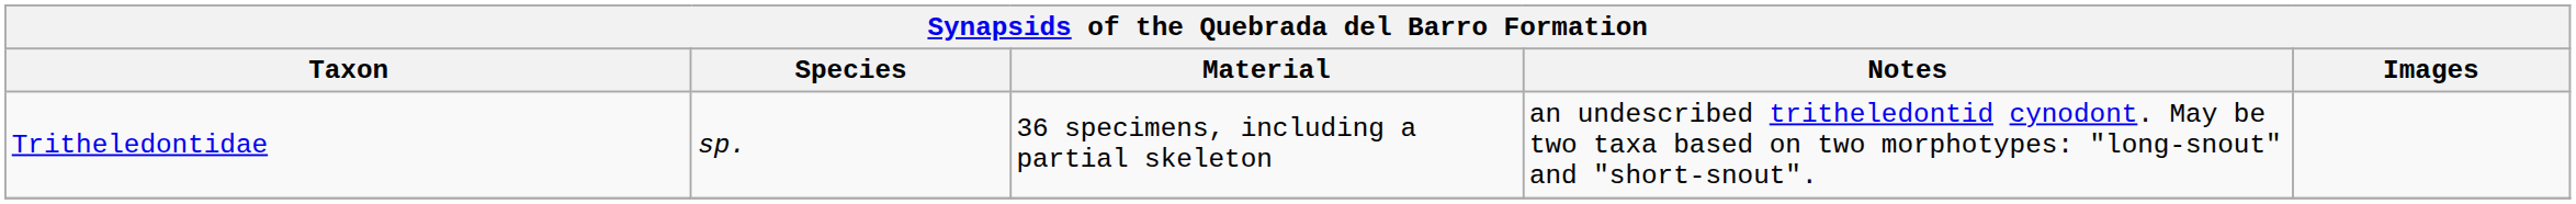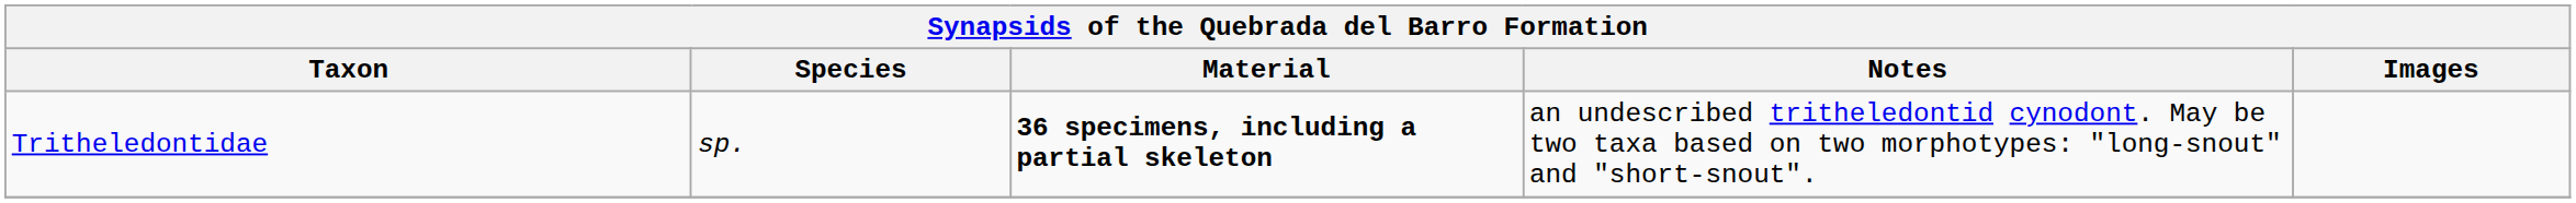 <table class="wikitable" align="center">
 <tr>
 <th colspan="7" align="center"><strong><a href='#'>Synapsids</a> of the Quebrada del Barro Formation</strong></th>
 </tr>
 <tr>
 <th>Taxon</th>
 <th>Species</th>
 <th width="20%">Material</th>
 <th width="30%">Notes</th>
 <th>Images</th>
 </tr>
 <tr>
 <td><a href='#'>Tritheledontidae</a></td>
 <td><em>sp.</em></td>
-<td>36 specimens, including a partial skeleton</td>
+<td><strong>36 specimens, including a partial skeleton</strong></td>
 <td>an undescribed <a href='#'>tritheledontid</a> <a href='#'>cynodont</a>. May be two taxa based on two morphotypes: "long-snout" and "short-snout".</td>
 <td></td>
 </tr>
 <tr>
 </tr>
 </table>
